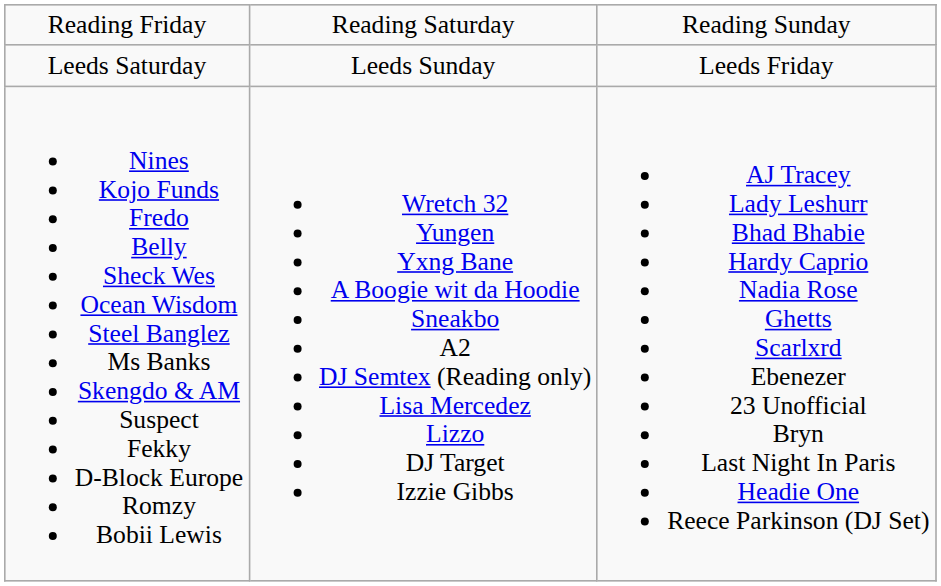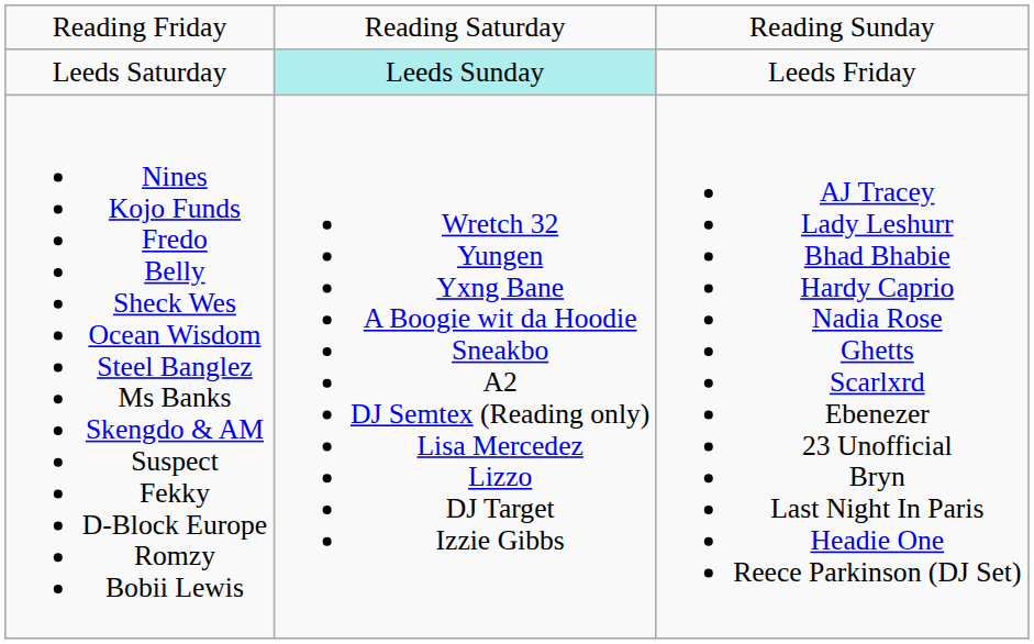 <table class="wikitable" style="text-align:center;">
 <tr>
 <td>Reading Friday</td>
 <td>Reading Saturday</td>
 <td>Reading Sunday</td>
 </tr>
 <tr>
 <td>Leeds Saturday</td>
-<td>Leeds Sunday</td>
+<td style="background: paleturquoise;">Leeds Sunday</td>
 <td>Leeds Friday</td>
 </tr>
 <tr>
 <td><br><ul><li><a href='#'>Nines</a></li><li><a href='#'>Kojo Funds</a></li><li><a href='#'>Fredo</a></li><li><a href='#'>Belly</a></li><li><a href='#'>Sheck Wes</a></li><li><a href='#'>Ocean Wisdom</a></li><li><a href='#'>Steel Banglez</a></li><li>Ms Banks</li><li><a href='#'>Skengdo & AM</a></li><li>Suspect</li><li>Fekky</li><li>D-Block Europe</li><li>Romzy</li><li>Bobii Lewis</li></ul></td>
 <td><br><ul><li><a href='#'>Wretch 32</a></li><li><a href='#'>Yungen</a></li><li><a href='#'>Yxng Bane</a></li><li><a href='#'>A Boogie wit da Hoodie</a></li><li><a href='#'>Sneakbo</a></li><li>A2</li><li><a href='#'>DJ Semtex</a> (Reading only)</li><li><a href='#'>Lisa Mercedez</a></li><li><a href='#'>Lizzo</a></li><li>DJ Target</li><li>Izzie Gibbs</li></ul></td>
 <td><br><ul><li><a href='#'>AJ Tracey</a></li><li><a href='#'>Lady Leshurr</a></li><li><a href='#'>Bhad Bhabie</a></li><li><a href='#'>Hardy Caprio</a></li><li><a href='#'>Nadia Rose</a></li><li><a href='#'>Ghetts</a></li><li><a href='#'>Scarlxrd</a></li><li>Ebenezer</li><li>23 Unofficial</li><li>Bryn</li><li>Last Night In Paris</li><li><a href='#'>Headie One</a></li><li>Reece Parkinson (DJ Set)</li></ul></td>
 </tr>
 </table>
